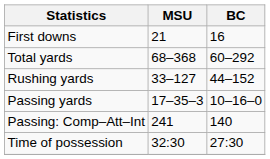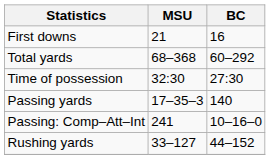 <table class="wikitable" style="float: left;">
 <tr>
 <th>Statistics</th>
 <th>MSU</th>
 <th>BC</th>
 </tr>
 <tr>
 <td>First downs</td>
 <td>21</td>
 <td>16</td>
 </tr>
 <tr>
 <td>Total yards</td>
 <td>68–368</td>
 <td>60–292</td>
 </tr>
 <tr>
+<td>Time of possession</td>
+<td>32:30</td>
+<td>27:30</td>
+</tr>
+<tr>
+<td>Passing yards</td>
+<td>17–35–3</td>
+<td>140</td>
+</tr>
+<tr>
+<td>Passing: Comp–Att–Int</td>
+<td>241</td>
+<td>10–16–0</td>
+</tr>
+<tr>
 <td>Rushing yards</td>
 <td>33–127</td>
 <td>44–152</td>
 </tr>
 <tr>
-<td>Passing yards</td>
-<td>17–35–3</td>
-<td>10–16–0</td>
-</tr>
-<tr>
-<td>Passing: Comp–Att–Int</td>
-<td>241</td>
-<td>140</td>
-</tr>
-<tr>
-<td>Time of possession</td>
-<td>32:30</td>
-<td>27:30</td>
-</tr>
-<tr>
 </tr>
 </table>
